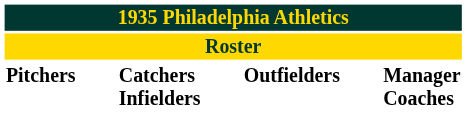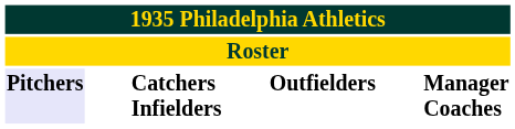 <table class="toccolours" style="font-size: 95%;">
 <tr>
 <th colspan="10" style="background-color: #003831; color: #FFD800; text-align: center;">1935 Philadelphia Athletics</th>
 </tr>
 <tr>
 <td colspan="10" style="background-color: #FFD800; color: #003831; text-align: center;"><strong>Roster</strong></td>
 </tr>
 <tr>
-<td valign="top"><strong>Pitchers</strong><br>                  </td>
+<td valign="top" style="background: lavender;"><strong>Pitchers</strong><br>                  </td>
 <td width="25px"></td>
 <td valign="top"><strong>Catchers</strong><br>      <strong>Infielders</strong>         </td>
 <td width="25px"></td>
 <td valign="top"><strong>Outfielders</strong><br>    </td>
 <td width="25px"></td>
 <td valign="top"><strong>Manager</strong><br> <strong>Coaches</strong>  </td>
 </tr>
 </table>
